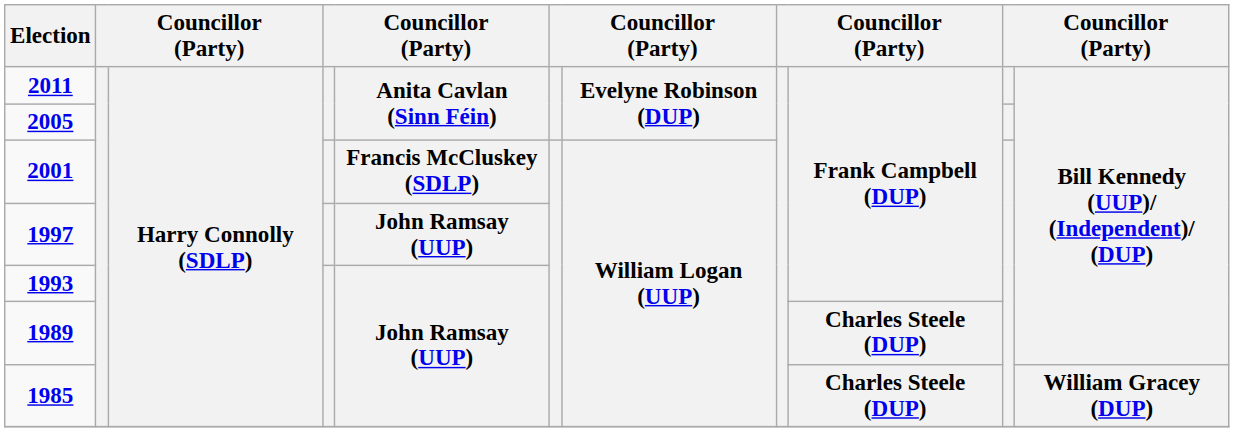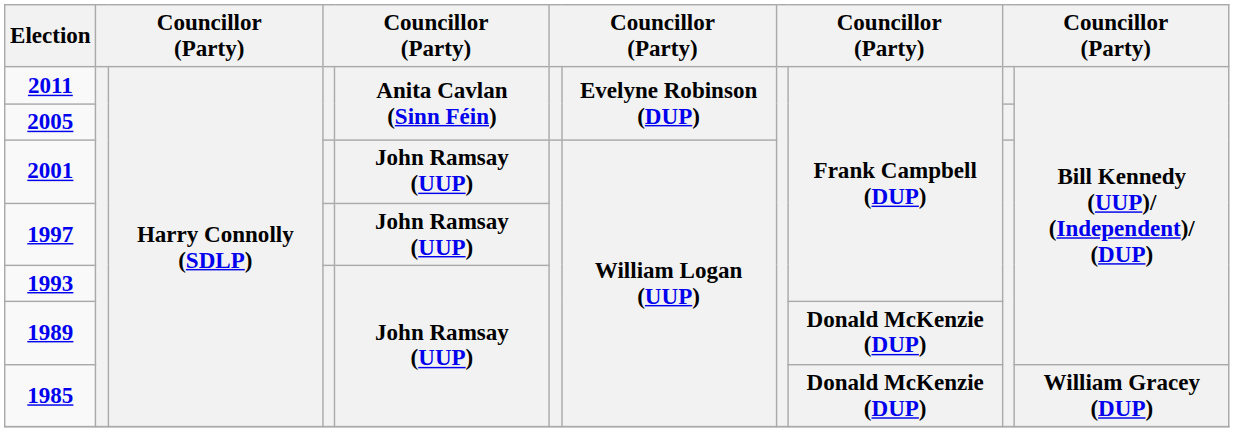 <table class="wikitable" style="text-align:center">
 <tr>
 <th scope="col" width="50">Election</th>
 <th scope="col" width="150" colspan = "2">Councillor<br> (Party)</th>
 <th scope="col" width="150" colspan = "2">Councillor<br> (Party)</th>
 <th scope="col" width="150" colspan = "2">Councillor<br> (Party)</th>
 <th scope="col" width="150" colspan = "2">Councillor<br> (Party)</th>
 <th scope="col" width="150" colspan = "2">Councillor<br> (Party)</th>
 </tr>
 <tr>
 <td><strong><a href='#'>2011</a></strong></td>
 <th rowspan="7" width="1" style="background-color: "></th>
 <th rowspan = "7">Harry Connolly <br> (<a href='#'>SDLP</a>)</th>
 <th rowspan="2" width="1" style="background-color: "></th>
 <th rowspan = "2">Anita Cavlan <br> (<a href='#'>Sinn Féin</a>)</th>
 <th rowspan="2" width="1" style="background-color: "></th>
 <th rowspan = "2">Evelyne Robinson <br> (<a href='#'>DUP</a>)</th>
 <th rowspan="7" width="1" style="background-color: "></th>
 <th rowspan = "5">Frank Campbell <br> (<a href='#'>DUP</a>)</th>
 <th rowspan="1" width="1" style="background-color: "></th>
 <th rowspan = "6">Bill Kennedy <br> (<a href='#'>UUP</a>)/ <br> (<a href='#'>Independent</a>)/ <br> (<a href='#'>DUP</a>)</th>
 </tr>
 <tr>
 <td><strong><a href='#'>2005</a></strong></td>
 <th rowspan="1" width="1" style="background-color: "></th>
 </tr>
 <tr>
 <td><strong><a href='#'>2001</a></strong></td>
 <th rowspan="1" width="1" style="background-color: "></th>
-<th rowspan = "1">Francis McCluskey <br> (<a href='#'>SDLP</a>)</th>
+<th rowspan = "1">John Ramsay <br> (<a href='#'>UUP</a>)</th>
 <th rowspan="5" width="1" style="background-color: "></th>
 <th rowspan = "5">William Logan <br> (<a href='#'>UUP</a>)</th>
 <th rowspan="5" width="1" style="background-color: "></th>
 </tr>
 <tr>
 <td><strong><a href='#'>1997</a></strong></td>
 <th rowspan="1" width="1" style="background-color: "></th>
 <th rowspan = "1">John Ramsay <br> (<a href='#'>UUP</a>)</th>
 </tr>
 <tr>
 <td><strong><a href='#'>1993</a></strong></td>
 <th rowspan="3" width="1" style="background-color: "></th>
 <th rowspan = "3">John Ramsay <br> (<a href='#'>UUP</a>)</th>
 </tr>
 <tr>
 <td><strong><a href='#'>1989</a></strong></td>
-<th rowspan = "1">Charles Steele <br> (<a href='#'>DUP</a>)</th>
+<th rowspan = "1">Donald McKenzie <br> (<a href='#'>DUP</a>)</th>
 </tr>
 <tr>
 <td><strong><a href='#'>1985</a></strong></td>
-<th rowspan = "1">Charles Steele <br> (<a href='#'>DUP</a>)</th>
+<th rowspan = "1">Donald McKenzie <br> (<a href='#'>DUP</a>)</th>
 <th rowspan = "1">William Gracey <br> (<a href='#'>DUP</a>)</th>
 </tr>
 <tr>
 </tr>
 </table>
